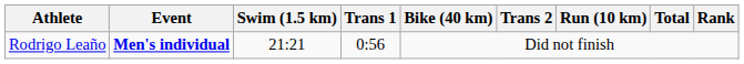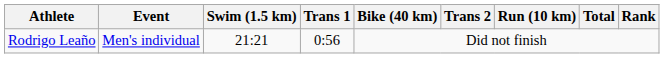 <table class="wikitable" style="font-size:90%">
 <tr>
 <th>Athlete</th>
 <th>Event</th>
 <th>Swim (1.5 km)</th>
 <th>Trans 1</th>
 <th>Bike (40 km)</th>
 <th>Trans 2</th>
 <th>Run (10 km)</th>
 <th>Total</th>
 <th>Rank</th>
 </tr>
 <tr align=center>
 <td align=left><a href='#'>Rodrigo Leaño</a></td>
-<td align=left><strong><a href='#'>Men's individual</a></strong></td>
+<td align=left><a href='#'>Men's individual</a></td>
 <td>21:21</td>
 <td>0:56</td>
 <td colspan="5">Did not finish</td>
 </tr>
 </table>
